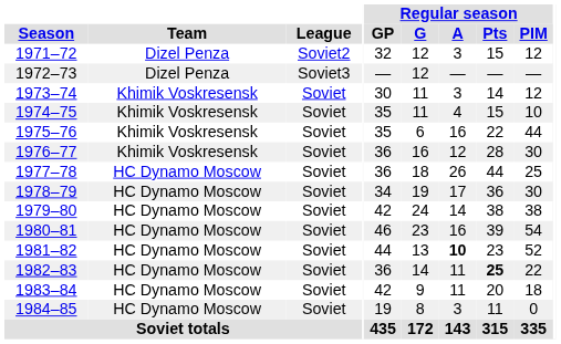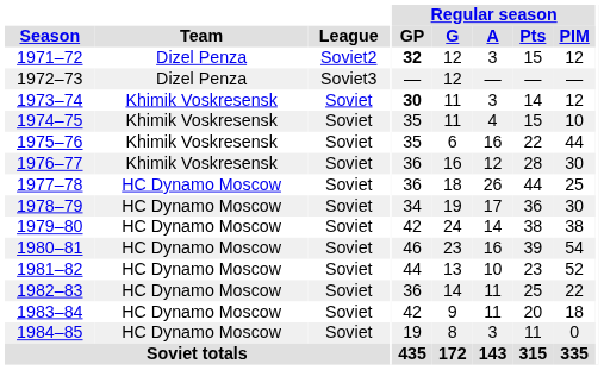 <table border="0" cellpadding="1" cellspacing="0" style="text-align:center; width:35em">
 <tr bgcolor="#e0e0e0">
 <th colspan="3" bgcolor="#ffffff"></th>
 <th rowspan="99" bgcolor="#ffffff"></th>
 <th colspan="5"><a href='#'>Regular season</a></th>
 <th rowspan="99" bgcolor="#ffffff"></th>
 </tr>
 <tr bgcolor="#e0e0e0">
 <th><a href='#'>Season</a></th>
 <th>Team</th>
 <th>League</th>
 <th>GP</th>
 <th><a href='#'>G</a></th>
 <th><a href='#'>A</a></th>
 <th><a href='#'>Pts</a></th>
 <th><a href='#'>PIM</a></th>
 </tr>
 <tr>
 <td><a href='#'>1971–72</a></td>
 <td><a href='#'>Dizel Penza</a></td>
 <td><a href='#'>Soviet2</a></td>
-<td>32</td>
+<td><strong>32</strong></td>
 <td>12</td>
 <td>3</td>
 <td>15</td>
 <td>12</td>
 </tr>
 <tr bgcolor="#f0f0f0">
 <td>1972–73</td>
 <td>Dizel Penza</td>
 <td>Soviet3</td>
 <td>—</td>
 <td>12</td>
 <td>—</td>
 <td>—</td>
 <td>—</td>
 </tr>
 <tr>
 <td><a href='#'>1973–74</a></td>
 <td><a href='#'>Khimik Voskresensk</a></td>
 <td><a href='#'>Soviet</a></td>
-<td>30</td>
+<td><strong>30</strong></td>
 <td>11</td>
 <td>3</td>
 <td>14</td>
 <td>12</td>
 </tr>
 <tr bgcolor="#f0f0f0">
 <td><a href='#'>1974–75</a></td>
 <td>Khimik Voskresensk</td>
 <td>Soviet</td>
 <td>35</td>
 <td>11</td>
 <td>4</td>
 <td>15</td>
 <td>10</td>
 </tr>
 <tr>
 <td><a href='#'>1975–76</a></td>
 <td>Khimik Voskresensk</td>
 <td>Soviet</td>
 <td>35</td>
 <td>6</td>
 <td>16</td>
 <td>22</td>
 <td>44</td>
 </tr>
 <tr bgcolor="#f0f0f0">
 <td><a href='#'>1976–77</a></td>
 <td>Khimik Voskresensk</td>
 <td>Soviet</td>
 <td>36</td>
 <td>16</td>
 <td>12</td>
 <td>28</td>
 <td>30</td>
 </tr>
 <tr>
 <td><a href='#'>1977–78</a></td>
 <td><a href='#'>HC Dynamo Moscow</a></td>
 <td>Soviet</td>
 <td>36</td>
 <td>18</td>
 <td>26</td>
 <td>44</td>
 <td>25</td>
 </tr>
 <tr bgcolor="#f0f0f0">
 <td><a href='#'>1978–79</a></td>
 <td>HC Dynamo Moscow</td>
 <td>Soviet</td>
 <td>34</td>
 <td>19</td>
 <td>17</td>
 <td>36</td>
 <td>30</td>
 </tr>
 <tr>
 <td><a href='#'>1979–80</a></td>
 <td>HC Dynamo Moscow</td>
 <td>Soviet</td>
 <td>42</td>
 <td>24</td>
 <td>14</td>
 <td>38</td>
 <td>38</td>
 </tr>
 <tr bgcolor="#f0f0f0">
 <td><a href='#'>1980–81</a></td>
 <td>HC Dynamo Moscow</td>
 <td>Soviet</td>
 <td>46</td>
 <td>23</td>
 <td>16</td>
 <td>39</td>
 <td>54</td>
 </tr>
 <tr>
 <td><a href='#'>1981–82</a></td>
 <td>HC Dynamo Moscow</td>
 <td>Soviet</td>
 <td>44</td>
 <td>13</td>
-<td><strong>10</strong></td>
+<td>10</td>
 <td>23</td>
 <td>52</td>
 </tr>
 <tr bgcolor="#f0f0f0">
 <td><a href='#'>1982–83</a></td>
 <td>HC Dynamo Moscow</td>
 <td>Soviet</td>
 <td>36</td>
 <td>14</td>
 <td>11</td>
-<td><strong>25</strong></td>
+<td>25</td>
 <td>22</td>
 </tr>
 <tr>
 <td><a href='#'>1983–84</a></td>
 <td>HC Dynamo Moscow</td>
 <td>Soviet</td>
 <td>42</td>
 <td>9</td>
 <td>11</td>
 <td>20</td>
 <td>18</td>
 </tr>
 <tr bgcolor="#f0f0f0">
 <td><a href='#'>1984–85</a></td>
 <td>HC Dynamo Moscow</td>
 <td>Soviet</td>
 <td>19</td>
 <td>8</td>
 <td>3</td>
 <td>11</td>
 <td>0</td>
 </tr>
 <tr>
 </tr>
 <tr ALIGN="center" bgcolor="#e0e0e0">
 <th colspan="3">Soviet totals</th>
 <th ALIGN="center">435</th>
 <th ALIGN="center">172</th>
 <th ALIGN="center">143</th>
 <th ALIGN="center">315</th>
 <th ALIGN="center">335</th>
 </tr>
 </table>
